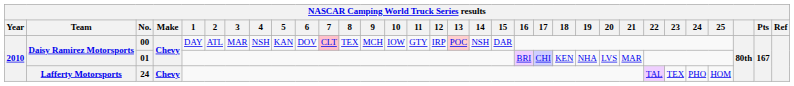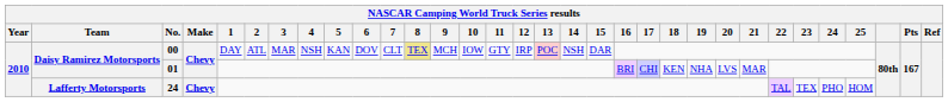 <table class="wikitable" style="text-align:center; font-size:75%">
 <tr>
 <th colspan=32><a href='#'>NASCAR Camping World Truck Series</a> results</th>
 </tr>
 <tr>
 <th>Year</th>
 <th>Team</th>
 <th>No.</th>
 <th>Make</th>
 <th>1</th>
 <th>2</th>
 <th>3</th>
 <th>4</th>
 <th>5</th>
 <th>6</th>
 <th>7</th>
 <th>8</th>
 <th>9</th>
 <th>10</th>
 <th>11</th>
 <th>12</th>
 <th>13</th>
 <th>14</th>
 <th>15</th>
 <th>16</th>
 <th>17</th>
 <th>18</th>
 <th>19</th>
 <th>20</th>
 <th>21</th>
 <th>22</th>
 <th>23</th>
 <th>24</th>
 <th>25</th>
 <th></th>
 <th>Pts</th>
 <th>Ref</th>
 </tr>
 <tr>
 <th rowspan=3><a href='#'>2010</a></th>
 <th rowspan=2><a href='#'>Daisy Ramirez Motorsports</a></th>
 <th>00</th>
 <th rowspan=2><a href='#'>Chevy</a></th>
 <td><a href='#'>DAY</a></td>
 <td><a href='#'>ATL</a></td>
 <td><a href='#'>MAR</a></td>
 <td><a href='#'>NSH</a></td>
 <td><a href='#'>KAN</a></td>
 <td><a href='#'>DOV</a></td>
-<td style="background: pink;"><a href='#'>CLT</a></td>
-<td><a href='#'>TEX</a></td>
+<td><a href='#'>CLT</a></td>
+<td style="background: khaki;"><a href='#'>TEX</a></td>
 <td><a href='#'>MCH</a></td>
 <td><a href='#'>IOW</a></td>
 <td><a href='#'>GTY</a></td>
 <td><a href='#'>IRP</a></td>
 <td style="background:#FFCFCF;"><a href='#'>POC</a><br></td>
 <td><a href='#'>NSH</a></td>
 <td><a href='#'>DAR</a></td>
 <td colspan=10></td>
 <th rowspan=3>80th</th>
 <th rowspan=3>167</th>
 <th rowspan=3></th>
 </tr>
 <tr>
 <th>01</th>
 <td colspan=15></td>
 <td style="background:#EFCFFF;"><a href='#'>BRI</a><br></td>
 <td style="background:#CFCFFF;"><a href='#'>CHI</a><br></td>
 <td><a href='#'>KEN</a></td>
 <td><a href='#'>NHA</a></td>
 <td><a href='#'>LVS</a></td>
 <td><a href='#'>MAR</a></td>
 <td colspan=4></td>
 </tr>
 <tr>
 <th><a href='#'>Lafferty Motorsports</a></th>
 <th>24</th>
 <th><a href='#'>Chevy</a></th>
 <td colspan=21></td>
 <td style="background:#EFCFFF;"><a href='#'>TAL</a><br></td>
 <td><a href='#'>TEX</a></td>
 <td><a href='#'>PHO</a></td>
 <td><a href='#'>HOM</a></td>
 </tr>
 </table>
